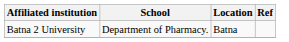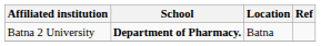 <table class="wikitable">
 <tr>
 <th>Affiliated institution</th>
 <th>School</th>
 <th>Location</th>
 <th>Ref</th>
 </tr>
 <tr>
 <td>Batna 2 University</td>
-<td>Department of Pharmacy.</td>
+<td><strong>Department of Pharmacy.</strong></td>
 <td>Batna</td>
 <td></td>
 </tr>
 <tr>
 </tr>
 </table>
